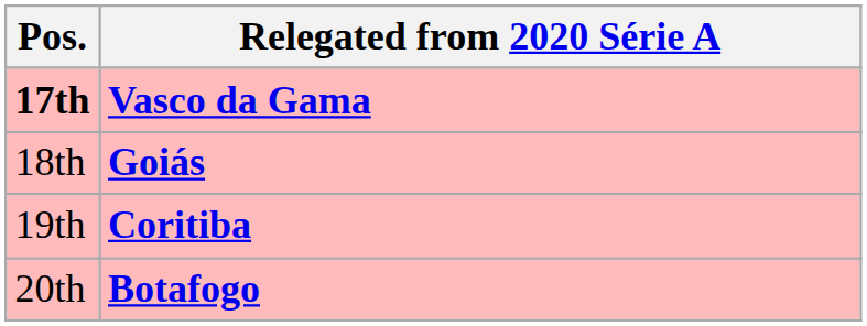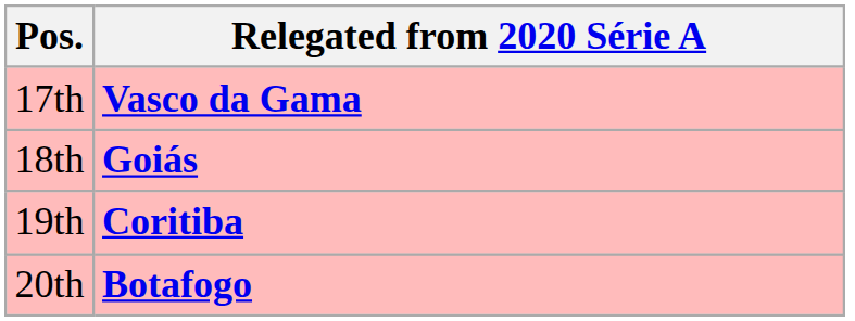 <table class="wikitable">
 <tr>
 <th style="text-align:center;">Pos.</th>
 <th width=300>Relegated from <a href='#'>2020 Série A</a></th>
 </tr>
 <tr style="background: #FFBBBB;">
-<td><strong>17th</strong></td>
+<td>17th</td>
 <td><strong><a href='#'>Vasco da Gama</a></strong></td>
 </tr>
 <tr style="background: #FFBBBB;">
 <td>18th</td>
 <td><strong><a href='#'>Goiás</a></strong></td>
 </tr>
 <tr style="background: #FFBBBB;">
 <td>19th</td>
 <td><strong><a href='#'>Coritiba</a></strong></td>
 </tr>
 <tr style="background: #FFBBBB;">
 <td>20th</td>
 <td><strong><a href='#'>Botafogo</a></strong></td>
 </tr>
 </table>
